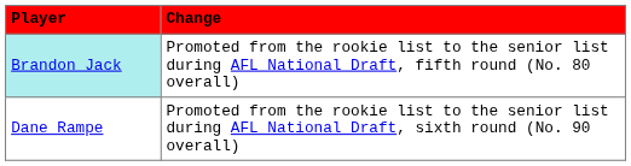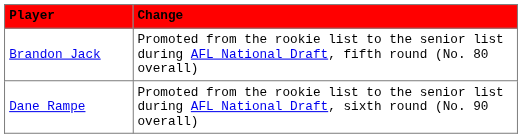 <table border="1" cellpadding="4" cellspacing="0"  style="text-align:left; font-size:95%; border-collapse:collapse; width:80%;">
 <tr style="background:#FF0000;">
 <th style="width:25%;"><span>Player</span></th>
 <th><span>Change</span></th>
 </tr>
 <tr>
-<td style="background: paleturquoise;"> <a href='#'>Brandon Jack</a></td>
+<td> <a href='#'>Brandon Jack</a></td>
 <td>Promoted from the rookie list to the senior list during <a href='#'>AFL National Draft</a>, fifth round (No. 80 overall)</td>
 </tr>
 <tr>
 <td> <a href='#'>Dane Rampe</a></td>
 <td>Promoted from the rookie list to the senior list during <a href='#'>AFL National Draft</a>, sixth round (No. 90 overall)</td>
 </tr>
 </table>
